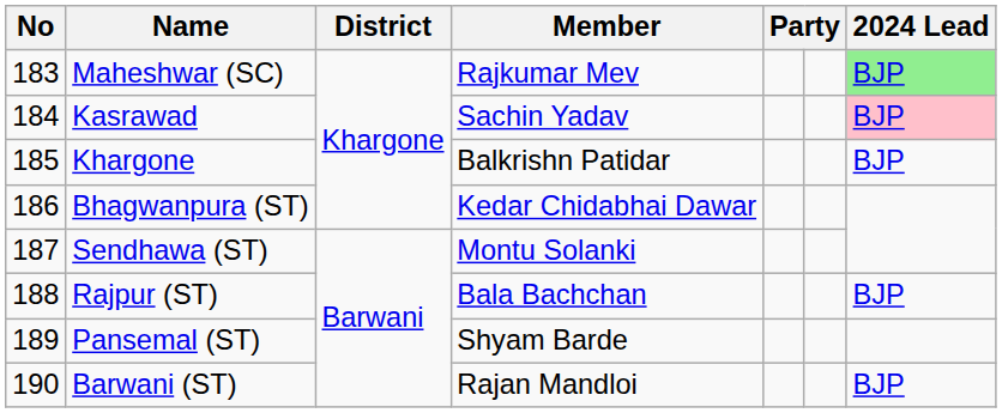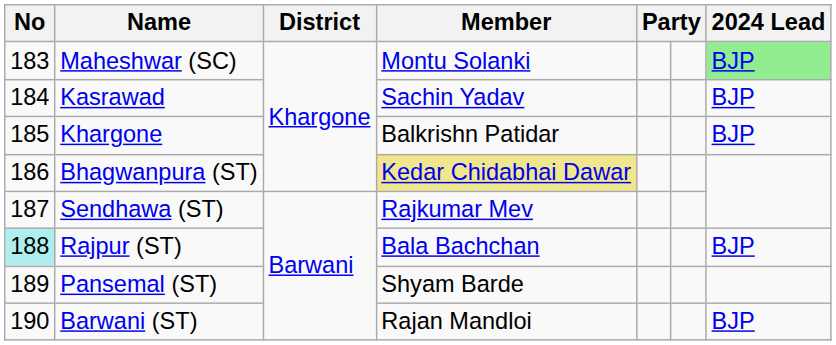 <table class="wikitable">
 <tr>
 <th>No</th>
 <th>Name</th>
 <th>District</th>
 <th>Member</th>
 <th colspan="2">Party</th>
 <th colspan="2">2024 Lead</th>
 </tr>
 <tr>
 <td>183</td>
 <td><a href='#'>Maheshwar</a> (SC)</td>
 <td rowspan="4"><a href='#'>Khargone</a></td>
-<td><a href='#'>Rajkumar Mev</a></td>
+<td><a href='#'>Montu Solanki</a></td>
 <td></td>
 <td style="background-color: "></td>
 <td style="background: lightgreen;"><a href='#'>BJP</a></td>
 </tr>
 <tr>
 <td>184</td>
 <td><a href='#'>Kasrawad</a></td>
 <td><a href='#'>Sachin Yadav</a></td>
 <td></td>
 <td style="background-color: "></td>
-<td style="background: pink;"><a href='#'>BJP</a></td>
+<td><a href='#'>BJP</a></td>
 </tr>
 <tr>
 <td>185</td>
 <td><a href='#'>Khargone</a></td>
 <td>Balkrishn Patidar</td>
 <td></td>
 <td style="background-color: "></td>
 <td><a href='#'>BJP</a></td>
 </tr>
 <tr>
 <td>186</td>
 <td><a href='#'>Bhagwanpura</a> (ST)</td>
-<td><a href='#'>Kedar Chidabhai Dawar</a></td>
+<td style="background: khaki;"><a href='#'>Kedar Chidabhai Dawar</a></td>
 <td></td>
 <td></td>
 </tr>
 <tr>
 <td>187</td>
 <td><a href='#'>Sendhawa</a> (ST)</td>
 <td rowspan="4"><a href='#'>Barwani</a></td>
-<td><a href='#'>Montu Solanki</a></td>
+<td><a href='#'>Rajkumar Mev</a></td>
 <td></td>
 <td></td>
 </tr>
 <tr>
-<td>188</td>
+<td style="background: paleturquoise;">188</td>
 <td><a href='#'>Rajpur</a> (ST)</td>
 <td><a href='#'>Bala Bachchan</a></td>
 <td></td>
 <td style="background-color: "></td>
 <td><a href='#'>BJP</a></td>
 </tr>
 <tr>
 <td>189</td>
 <td><a href='#'>Pansemal</a> (ST)</td>
 <td>Shyam Barde</td>
 <td></td>
 <td></td>
 </tr>
 <tr>
 <td>190</td>
 <td><a href='#'>Barwani</a> (ST)</td>
 <td>Rajan Mandloi</td>
 <td></td>
 <td style="background-color: "></td>
 <td><a href='#'>BJP</a></td>
 </tr>
 </table>
